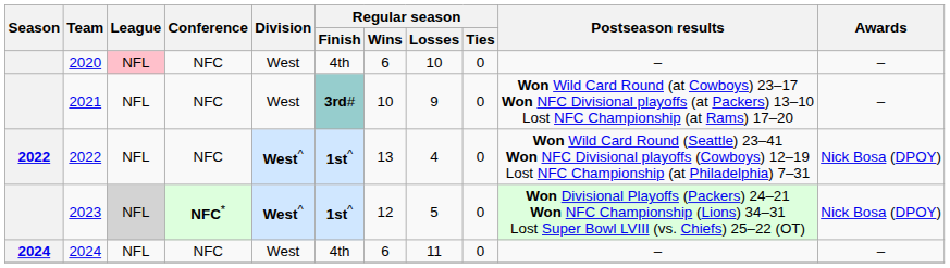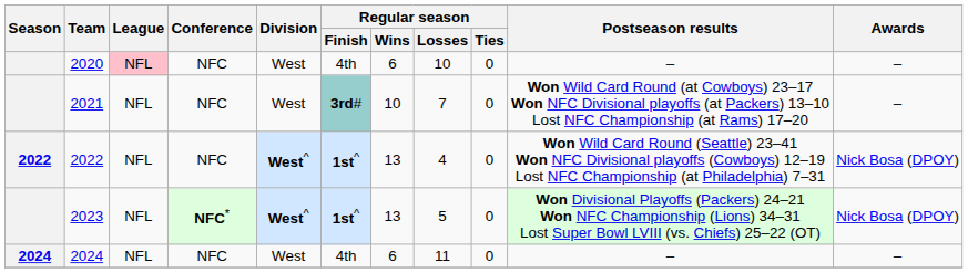 <table class="wikitable" style="font-size:95%; text-align:center;">
 <tr>
 <th rowspan="2">Season</th>
 <th rowspan="2">Team</th>
 <th rowspan="2">League</th>
 <th rowspan="2">Conference</th>
 <th rowspan="2">Division</th>
 <th colspan="4">Regular season</th>
 <th rowspan="2">Postseason results</th>
 <th rowspan="2">Awards</th>
 </tr>
 <tr>
 <th>Finish</th>
 <th>Wins</th>
 <th>Losses</th>
 <th>Ties</th>
 </tr>
 <tr>
 <th align="center"></th>
 <td align="center"><a href='#'>2020</a></td>
 <td align="center" style="background: pink;">NFL</td>
 <td align="center">NFC</td>
 <td align="center">West</td>
 <td align="center">4th</td>
 <td align="center">6</td>
 <td align="center">10</td>
 <td align="center">0</td>
 <td>–</td>
 <td>–</td>
 </tr>
 <tr>
 <th align="center"></th>
 <td align="center"><a href='#'>2021</a></td>
 <td align="center">NFL</td>
 <td align="center">NFC</td>
 <td align="center">West</td>
 <td align="center" bgcolor="#96CDCD"><strong>3rd</strong>#</td>
 <td align="center">10</td>
-<td align="center">9</td>
+<td align="center">7</td>
 <td align="center">0</td>
 <td><strong>Won</strong> <a href='#'>Wild Card Round</a> (at <a href='#'>Cowboys</a>) 23–17<br><strong>Won</strong> <a href='#'>NFC Divisional playoffs</a> (at <a href='#'>Packers</a>) 13–10<br>Lost <a href='#'>NFC Championship</a> (at <a href='#'>Rams</a>) 17–20</td>
 <td>–</td>
 </tr>
 <tr>
 <th><a href='#'>2022</a></th>
 <td><a href='#'>2022</a></td>
 <td>NFL</td>
 <td>NFC</td>
 <td align="center" bgcolor="#D0E7FF"><strong>West</strong><sup>^</sup></td>
 <td align="center" bgcolor="#D0E7FF"><strong>1st</strong><sup>^</sup></td>
 <td>13</td>
 <td>4</td>
 <td>0</td>
 <td><strong>Won</strong> <a href='#'>Wild Card Round</a> (<a href='#'>Seattle</a>) 23–41<br><strong>Won</strong> <a href='#'>NFC Divisional playoffs</a> (<a href='#'>Cowboys</a>) 12–19<br>Lost <a href='#'>NFC Championship</a> (at <a href='#'>Philadelphia</a>) 7–31</td>
 <td><a href='#'>Nick Bosa</a> (<a href='#'>DPOY</a>)</td>
 </tr>
 <tr>
 <th align="center"></th>
 <td align="center"><a href='#'>2023</a></td>
-<td align="center" style="background: lightgrey;">NFL</td>
+<td align="center">NFL</td>
 <td align="center" bgcolor="#DDFFDD"><strong>NFC</strong><sup>*</sup></td>
 <td align="center" bgcolor="#D0E7FF"><strong>West</strong><sup>^</sup></td>
 <td align="center" bgcolor="#D0E7FF"><strong>1st</strong><sup>^</sup></td>
-<td align="center">12</td>
+<td align="center">13</td>
 <td align="center">5</td>
 <td align="center">0</td>
 <td bgcolor="#DDFFDD"><strong>Won</strong> <a href='#'>Divisional Playoffs</a> (<a href='#'>Packers</a>) 24–21<br><strong>Won</strong> <a href='#'>NFC Championship</a> (<a href='#'>Lions</a>) 34–31<br>Lost <a href='#'>Super Bowl LVIII</a> (vs. <a href='#'>Chiefs</a>) 25–22 (OT)</td>
 <td><a href='#'>Nick Bosa</a> (<a href='#'>DPOY</a>)</td>
 </tr>
 <tr>
 <th><a href='#'>2024</a></th>
 <td><a href='#'>2024</a></td>
 <td>NFL</td>
 <td>NFC</td>
 <td>West</td>
 <td>4th</td>
 <td>6</td>
 <td>11</td>
 <td>0</td>
 <td>–</td>
 <td>–</td>
 </tr>
 <tr>
 </tr>
 </table>
